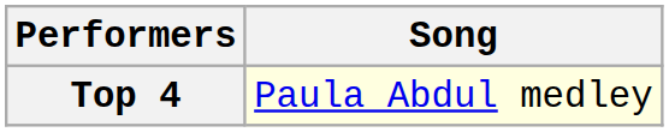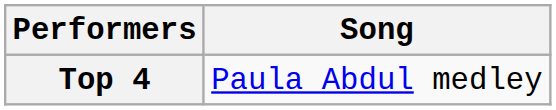 <table class="wikitable unsortable" style="text-align:center;">
 <tr>
 <th scope="col">Performers</th>
 <th scope="col">Song</th>
 </tr>
 <tr>
 <th scope="row">Top 4</th>
-<td style="background: lightyellow;"><a href='#'>Paula Abdul</a> medley</td>
+<td><a href='#'>Paula Abdul</a> medley</td>
 </tr>
 </table>
